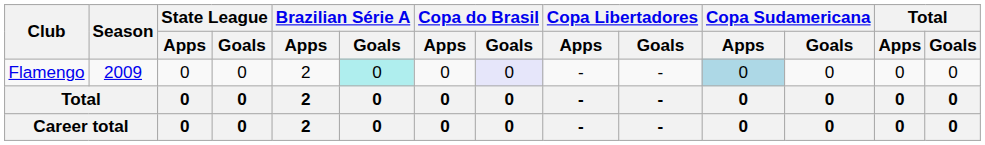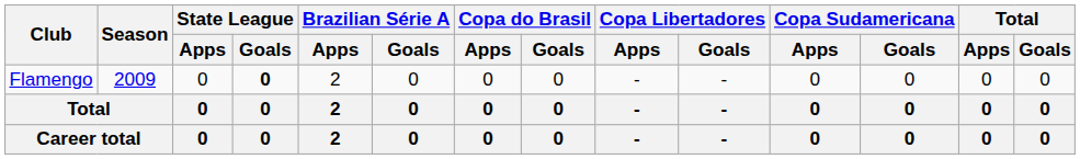 <table class="wikitable" style="text-align: center;">
 <tr>
 <th rowspan="2">Club</th>
 <th rowspan="2">Season</th>
 <th colspan="2">State League</th>
 <th colspan="2"><a href='#'>Brazilian Série A</a></th>
 <th colspan="2"><a href='#'>Copa do Brasil</a></th>
 <th colspan="2"><a href='#'>Copa Libertadores</a></th>
 <th colspan="2"><a href='#'>Copa Sudamericana</a></th>
 <th colspan="2">Total</th>
 </tr>
 <tr>
 <th>Apps</th>
 <th>Goals</th>
 <th>Apps</th>
 <th>Goals</th>
 <th>Apps</th>
 <th>Goals</th>
 <th>Apps</th>
 <th>Goals</th>
 <th>Apps</th>
 <th>Goals</th>
 <th>Apps</th>
 <th>Goals</th>
 </tr>
 <tr>
 <td style="vertical-align:top;"><a href='#'>Flamengo</a></td>
 <td><a href='#'>2009</a></td>
 <td>0</td>
+<td><strong>0</strong></td>
+<td>2</td>
 <td>0</td>
-<td>2</td>
-<td style="background: paleturquoise;">0</td>
 <td>0</td>
-<td style="background: lavender;">0</td>
+<td>0</td>
 <td>-</td>
 <td>-</td>
-<td style="background: lightblue;">0</td>
+<td>0</td>
 <td>0</td>
 <td>0</td>
 <td>0</td>
 </tr>
 <tr>
 <th colspan="2"><strong>Total</strong></th>
 <th>0</th>
 <th>0</th>
 <th>2</th>
 <th>0</th>
 <th>0</th>
 <th>0</th>
 <th>-</th>
 <th>-</th>
 <th>0</th>
 <th>0</th>
 <th>0</th>
 <th>0</th>
 </tr>
 <tr>
 <th colspan="2"><strong>Career total</strong></th>
 <th>0</th>
 <th>0</th>
 <th>2</th>
 <th>0</th>
 <th>0</th>
 <th>0</th>
 <th>-</th>
 <th>-</th>
 <th>0</th>
 <th>0</th>
 <th>0</th>
 <th>0</th>
 </tr>
 </table>
